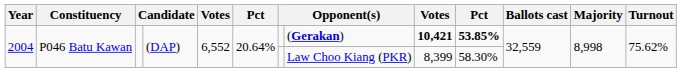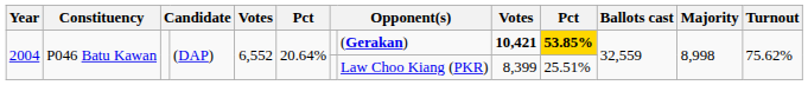 <table class="wikitable" style="margin:0.5em ; font-size:95%">
 <tr>
 <th>Year</th>
 <th>Constituency</th>
 <th colspan=2>Candidate</th>
 <th>Votes</th>
 <th>Pct</th>
 <th colspan=2>Opponent(s)</th>
 <th>Votes</th>
 <th>Pct</th>
 <th>Ballots cast</th>
 <th>Majority</th>
 <th>Turnout</th>
 </tr>
 <tr>
 <td rowspan=2><a href='#'>2004</a></td>
 <td rowspan=2>P046 <a href='#'>Batu Kawan</a></td>
 <td rowspan=2 ></td>
 <td rowspan=2> (<a href='#'>DAP</a>)</td>
 <td rowspan=2 align="right">6,552</td>
 <td rowspan=2>20.64%</td>
 <td></td>
 <td><strong></strong> (<a href='#'><strong>Gerakan</strong></a>)</td>
 <td align="right"><strong>10,421</strong></td>
-<td><strong>53.85%</strong></td>
+<td style="background: gold;"><strong>53.85%</strong></td>
 <td rowspan=2>32,559</td>
 <td rowspan=2>8,998</td>
 <td rowspan=2>75.62%</td>
 </tr>
 <tr>
 <td></td>
 <td><a href='#'>Law Choo Kiang</a> (<a href='#'>PKR</a>)</td>
 <td align="right">8,399</td>
-<td>58.30%</td>
+<td>25.51%</td>
 </tr>
 </table>
